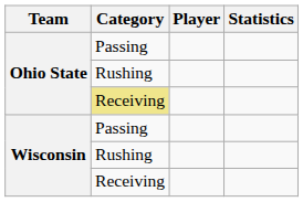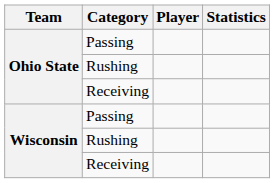 <table class="wikitable" style="float:right">
 <tr>
 <th>Team</th>
 <th>Category</th>
 <th>Player</th>
 <th>Statistics</th>
 </tr>
 <tr>
 <th rowspan=3>Ohio State</th>
 <td>Passing</td>
 <td></td>
 <td></td>
 </tr>
 <tr>
 <td>Rushing</td>
 <td></td>
 <td></td>
 </tr>
 <tr>
-<td style="background: khaki;">Receiving</td>
+<td>Receiving</td>
 <td></td>
 <td></td>
 </tr>
 <tr>
 <th rowspan=3>Wisconsin</th>
 <td>Passing</td>
 <td></td>
 <td></td>
 </tr>
 <tr>
 <td>Rushing</td>
 <td></td>
 <td></td>
 </tr>
 <tr>
 <td>Receiving</td>
 <td></td>
 <td></td>
 </tr>
 </table>
